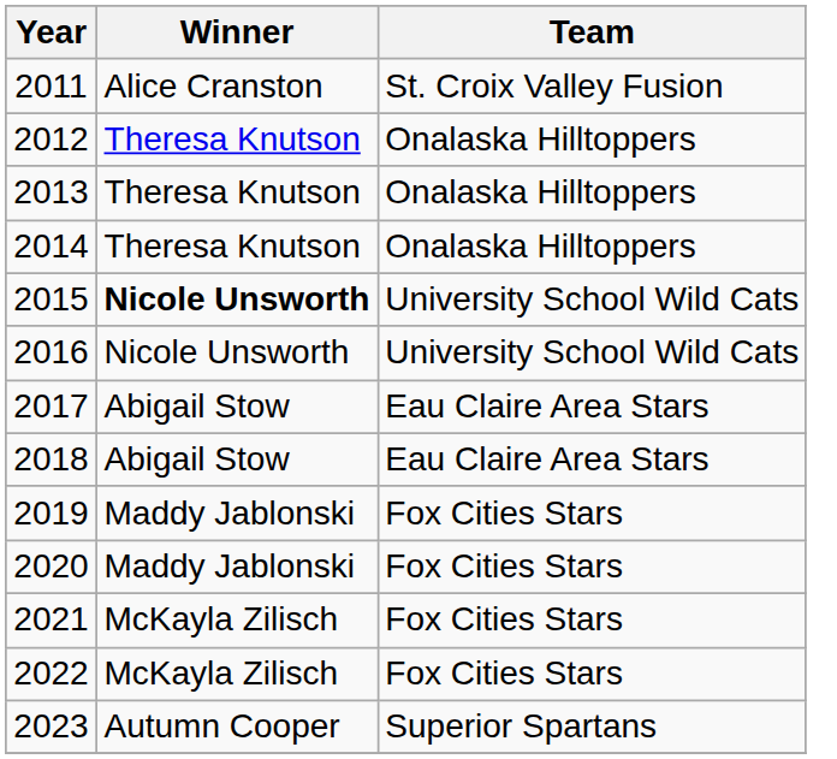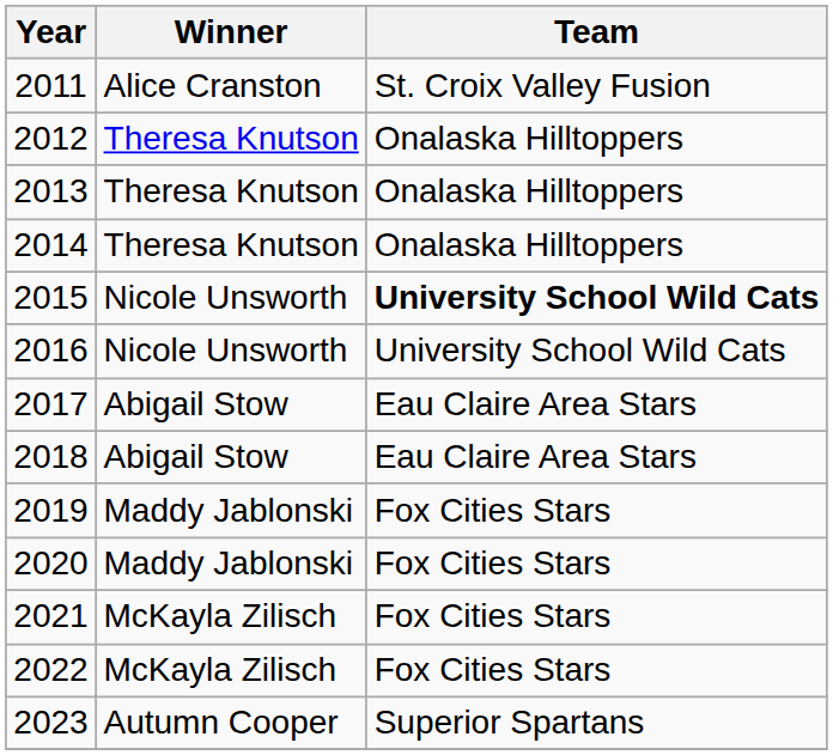 <table class="wikitable">
 <tr>
 <th>Year</th>
 <th>Winner</th>
 <th>Team</th>
 </tr>
 <tr>
 <td align=center>2011</td>
 <td>Alice Cranston</td>
 <td>St. Croix Valley Fusion</td>
 </tr>
 <tr>
 <td align=center>2012</td>
 <td><a href='#'>Theresa Knutson</a></td>
 <td>Onalaska Hilltoppers</td>
 </tr>
 <tr>
 <td align=center>2013</td>
 <td>Theresa Knutson</td>
 <td>Onalaska Hilltoppers</td>
 </tr>
 <tr>
 <td align=center>2014</td>
 <td>Theresa Knutson</td>
 <td>Onalaska Hilltoppers</td>
 </tr>
 <tr>
 <td align=center>2015</td>
-<td><strong>Nicole Unsworth</strong></td>
-<td>University School Wild Cats</td>
+<td>Nicole Unsworth</td>
+<td><strong>University School Wild Cats</strong></td>
 </tr>
 <tr>
 <td align=center>2016</td>
 <td>Nicole Unsworth</td>
 <td>University School Wild Cats</td>
 </tr>
 <tr>
 <td align=center>2017</td>
 <td>Abigail Stow</td>
 <td>Eau Claire Area Stars</td>
 </tr>
 <tr>
 <td align=center>2018</td>
 <td>Abigail Stow</td>
 <td>Eau Claire Area Stars</td>
 </tr>
 <tr>
 <td align=center>2019</td>
 <td>Maddy Jablonski</td>
 <td>Fox Cities Stars</td>
 </tr>
 <tr>
 <td align=center>2020</td>
 <td>Maddy Jablonski</td>
 <td>Fox Cities Stars</td>
 </tr>
 <tr>
 <td align=center>2021</td>
 <td>McKayla Zilisch</td>
 <td>Fox Cities Stars</td>
 </tr>
 <tr>
 <td align=center>2022</td>
 <td>McKayla Zilisch</td>
 <td>Fox Cities Stars</td>
 </tr>
 <tr>
 <td align=center>2023</td>
 <td>Autumn Cooper</td>
 <td>Superior Spartans</td>
 </tr>
 <tr>
 </tr>
 </table>
